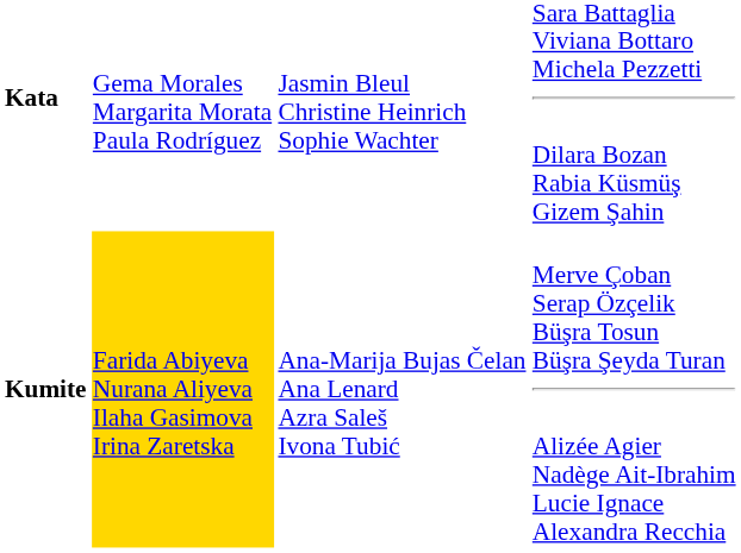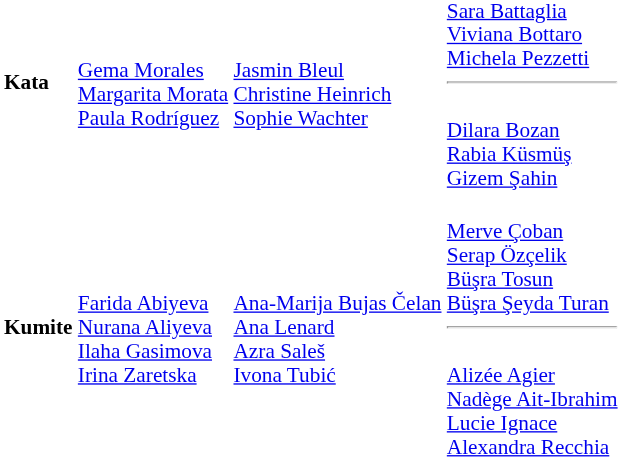 <table>
 <tr>
 <td><strong>Kata</strong></td>
 <td><br><a href='#'>Gema Morales</a><br><a href='#'>Margarita Morata</a><br><a href='#'>Paula Rodríguez</a></td>
 <td><br><a href='#'>Jasmin Bleul</a><br><a href='#'>Christine Heinrich</a><br><a href='#'>Sophie Wachter</a></td>
 <td><br><a href='#'>Sara Battaglia</a><br><a href='#'>Viviana Bottaro</a><br><a href='#'>Michela Pezzetti</a><hr><br><a href='#'>Dilara Bozan</a><br><a href='#'>Rabia Küsmüş</a><br><a href='#'>Gizem Şahin</a></td>
 </tr>
 <tr>
 <td><strong>Kumite</strong></td>
-<td style="background: gold;"><br><a href='#'>Farida Abiyeva</a><br><a href='#'>Nurana Aliyeva</a><br><a href='#'>Ilaha Gasimova</a><br><a href='#'>Irina Zaretska</a></td>
+<td><br><a href='#'>Farida Abiyeva</a><br><a href='#'>Nurana Aliyeva</a><br><a href='#'>Ilaha Gasimova</a><br><a href='#'>Irina Zaretska</a></td>
 <td><br><a href='#'>Ana-Marija Bujas Čelan</a><br><a href='#'>Ana Lenard</a><br><a href='#'>Azra Saleš</a><br><a href='#'>Ivona Tubić</a></td>
 <td><br><a href='#'>Merve Çoban</a><br><a href='#'>Serap Özçelik</a><br><a href='#'>Büşra Tosun</a><br><a href='#'>Büşra Şeyda Turan</a><hr><br><a href='#'>Alizée Agier</a><br><a href='#'>Nadège Ait-Ibrahim</a><br><a href='#'>Lucie Ignace</a><br><a href='#'>Alexandra Recchia</a></td>
 </tr>
 </table>
